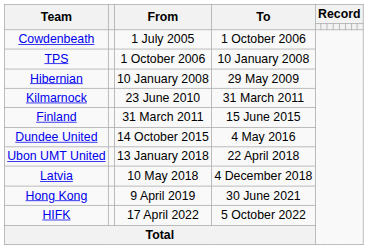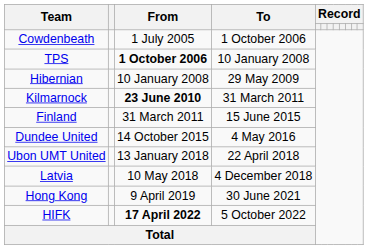 <table class=wikitable style=text-align:center>
 <tr>
 <th rowspan=2>Team</th>
 <th rowspan=2></th>
 <th rowspan=2>From</th>
 <th rowspan=2>To</th>
 <th colspan=8>Record</th>
 </tr>
 <tr>
 <th></th>
 <th></th>
 <th></th>
 <th></th>
 <th></th>
 <th></th>
 <th></th>
 <th></th>
 </tr>
 <tr>
 <td><a href='#'>Cowdenbeath</a></td>
 <td></td>
 <td>1 July 2005</td>
 <td>1 October 2006<br></td>
 </tr>
 <tr>
 <td><a href='#'>TPS</a></td>
 <td></td>
-<td>1 October 2006</td>
+<td><strong>1 October 2006</strong></td>
 <td>10 January 2008<br></td>
 </tr>
 <tr>
 <td><a href='#'>Hibernian</a></td>
 <td></td>
 <td>10 January 2008</td>
 <td>29 May 2009<br></td>
 </tr>
 <tr>
 <td><a href='#'>Kilmarnock</a></td>
 <td></td>
-<td>23 June 2010</td>
+<td><strong>23 June 2010</strong></td>
 <td>31 March 2011<br></td>
 </tr>
 <tr>
 <td><a href='#'>Finland</a></td>
 <td></td>
 <td>31 March 2011</td>
 <td>15 June 2015<br></td>
 </tr>
 <tr>
 <td><a href='#'>Dundee United</a></td>
 <td></td>
 <td>14 October 2015</td>
 <td>4 May 2016<br></td>
 </tr>
 <tr>
 <td><a href='#'>Ubon UMT United</a></td>
 <td></td>
 <td>13 January 2018</td>
 <td>22 April 2018<br></td>
 </tr>
 <tr>
 <td><a href='#'>Latvia</a></td>
 <td></td>
 <td>10 May 2018</td>
 <td>4 December 2018<br></td>
 </tr>
 <tr>
 <td><a href='#'>Hong Kong</a></td>
 <td></td>
 <td>9 April 2019</td>
 <td>30 June 2021<br></td>
 </tr>
 <tr>
 <td><a href='#'>HIFK</a></td>
 <td></td>
-<td>17 April 2022</td>
+<td><strong>17 April 2022</strong></td>
 <td>5 October 2022<br></td>
 </tr>
 <tr>
 <th colspan="4">Total<br></th>
 </tr>
 </table>
